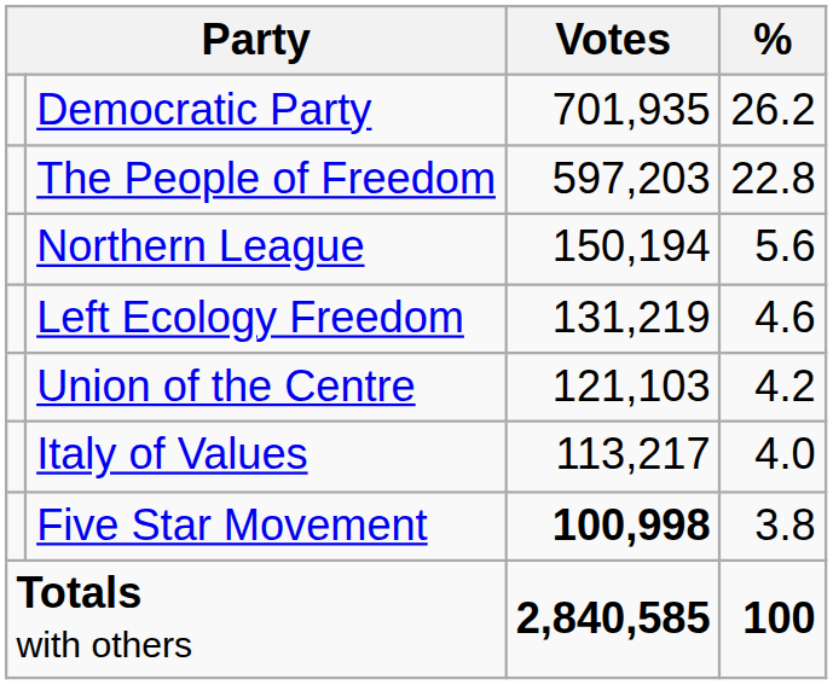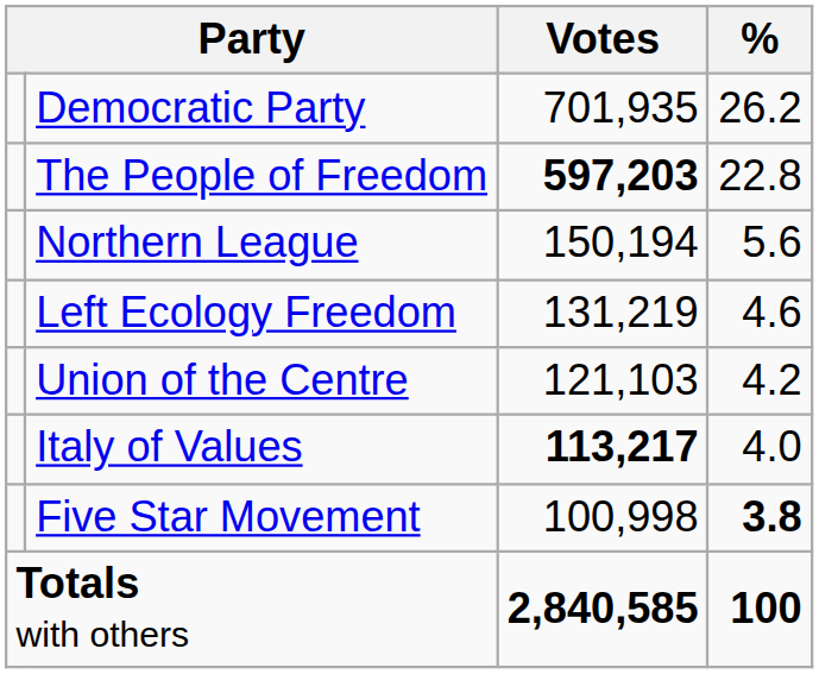 <table class=wikitable style=text-align:left>
 <tr>
 <th colspan=2 align=center>Party</th>
 <th valign=top>Votes</th>
 <th valign=top>%</th>
 </tr>
 <tr>
 <td style="color:inherit;background:"></td>
 <td><a href='#'>Democratic Party</a></td>
 <td align=right>701,935</td>
 <td align=right>26.2</td>
 </tr>
 <tr>
 <td style="color:inherit;background:"></td>
 <td><a href='#'>The People of Freedom</a></td>
-<td align=right>597,203</td>
+<td align=right><strong>597,203</strong></td>
 <td align=right>22.8</td>
 </tr>
 <tr>
 <td style="color:inherit;background:"></td>
 <td><a href='#'>Northern League</a></td>
 <td align=right>150,194</td>
 <td align=right>5.6</td>
 </tr>
 <tr>
 <td style="color:inherit;background:"></td>
 <td><a href='#'>Left Ecology Freedom</a></td>
 <td align=right>131,219</td>
 <td align=right>4.6</td>
 </tr>
 <tr>
 <td style="color:inherit;background:"></td>
 <td><a href='#'>Union of the Centre</a></td>
 <td align=right>121,103</td>
 <td align=right>4.2</td>
 </tr>
 <tr>
 <td style="color:inherit;background:"></td>
 <td><a href='#'>Italy of Values</a></td>
-<td align=right>113,217</td>
+<td align=right><strong>113,217</strong></td>
 <td align=right>4.0</td>
 </tr>
 <tr>
 <td style="color:inherit;background:"></td>
 <td><a href='#'>Five Star Movement</a></td>
-<td align=right><strong>100,998</strong></td>
-<td align=right>3.8</td>
+<td align=right>100,998</td>
+<td align=right><strong>3.8</strong></td>
 </tr>
 <tr>
 <td colspan=2 align=left><strong>Totals</strong> <br><small> with others</small></td>
 <td align=right><strong>2,840,585</strong></td>
 <td align=right><strong>100</strong></td>
 </tr>
 </table>
